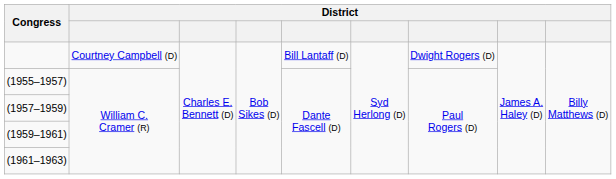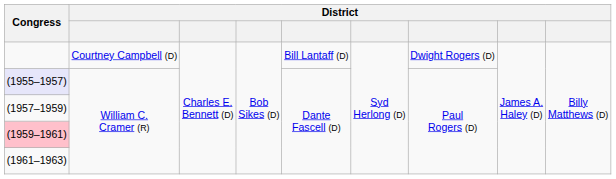 <table class=wikitable style="text-align:center">
 <tr>
 <th rowspan=2>Congress</th>
 <th colspan=8>District</th>
 </tr>
 <tr style="height:2em">
 <th></th>
 <th></th>
 <th></th>
 <th></th>
 <th></th>
 <th></th>
 <th></th>
 <th></th>
 </tr>
 <tr style="height:2.5em">
 <td></td>
 <td><a href='#'>Courtney Campbell</a> <small>(D)</small></td>
 <td rowspan=5 ><a href='#'>Charles E.<br>Bennett</a> <small>(D)</small></td>
 <td rowspan=5 ><a href='#'>Bob<br>Sikes</a> <small>(D)</small></td>
 <td><a href='#'>Bill Lantaff</a> <small>(D)</small></td>
 <td rowspan=5 ><a href='#'>Syd<br>Herlong</a> <small>(D)</small></td>
 <td><a href='#'>Dwight Rogers</a> <small>(D)</small></td>
 <td rowspan=5 ><a href='#'>James A.<br>Haley</a> <small>(D)</small></td>
 <td rowspan=5 ><a href='#'>Billy<br>Matthews</a> <small>(D)</small></td>
 </tr>
 <tr style="height:2.5em">
-<td><strong></strong> (1955–1957)</td>
+<td style="background: lavender;"><strong></strong> (1955–1957)</td>
 <td rowspan=4 ><a href='#'>William C.<br>Cramer</a> <small>(R)</small></td>
 <td rowspan=4 ><a href='#'>Dante<br>Fascell</a> <small>(D)</small></td>
 <td rowspan=4 ><a href='#'>Paul<br>Rogers</a> <small>(D)</small></td>
 </tr>
 <tr style="height:2.5em">
 <td><strong></strong> (1957–1959)</td>
 </tr>
 <tr style="height:2.5em">
-<td><strong></strong> (1959–1961)</td>
+<td style="background: pink;"><strong></strong> (1959–1961)</td>
 </tr>
 <tr style="height:2.5em">
 <td><strong></strong> (1961–1963)</td>
 </tr>
 </table>
